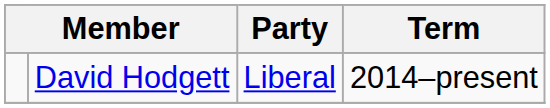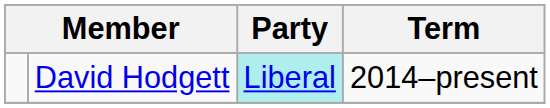 <table class="wikitable">
 <tr>
 <th colspan="2">Member</th>
 <th>Party</th>
 <th>Term</th>
 </tr>
 <tr>
 <td> </td>
 <td><a href='#'>David Hodgett</a></td>
-<td><a href='#'>Liberal</a></td>
+<td style="background: paleturquoise;"><a href='#'>Liberal</a></td>
 <td>2014–present</td>
 </tr>
 <tr>
 </tr>
 </table>
